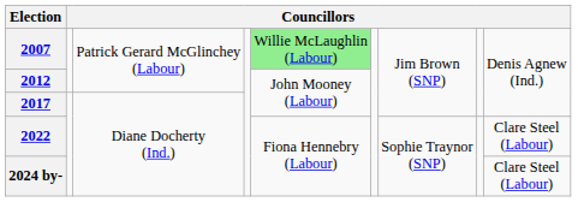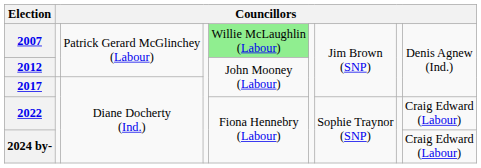 <table class="wikitable" style="text-align:center">
 <tr>
 <th>Election</th>
 <th colspan=8>Councillors</th>
 </tr>
 <tr>
 <th><a href='#'>2007</a></th>
 <td rowspan=2; style="background-color: "></td>
 <td rowspan=2>Patrick Gerard McGlinchey<br>(<a href='#'>Labour</a>)</td>
 <td rowspan=5; style="background-color: "></td>
 <td rowspan=1 style="background: lightgreen;">Willie McLaughlin<br>(<a href='#'>Labour</a>)</td>
 <td rowspan=5; style="background-color: "></td>
 <td rowspan=3>Jim Brown<br>(<a href='#'>SNP</a>)</td>
 <td rowspan=3; style="background-color: "></td>
 <td rowspan=3>Denis Agnew<br>(Ind.)</td>
 </tr>
 <tr>
 <th><a href='#'>2012</a></th>
 <td rowspan=2>John Mooney<br>(<a href='#'>Labour</a>)</td>
 </tr>
 <tr>
 <th><a href='#'>2017</a></th>
 <td rowspan=3; style="background-color: "></td>
 <td rowspan=3>Diane Docherty<br>(<a href='#'>Ind.</a>)</td>
 </tr>
 <tr>
 <th><a href='#'>2022</a></th>
 <td rowspan=2>Fiona Hennebry<br>(<a href='#'>Labour</a>)</td>
 <td rowspan=2>Sophie Traynor<br>(<a href='#'>SNP</a>)</td>
 <td rowspan=2; style="background-color: "></td>
-<td rowspan=1>Clare Steel<br>(<a href='#'>Labour</a>)</td>
+<td rowspan=1>Craig Edward<br>(<a href='#'>Labour</a>)</td>
 </tr>
 <tr>
 <th>2024 by-</th>
-<td rowspan=1>Clare Steel<br>(<a href='#'>Labour</a>)</td>
+<td rowspan=1>Craig Edward<br>(<a href='#'>Labour</a>)</td>
 </tr>
 </table>
